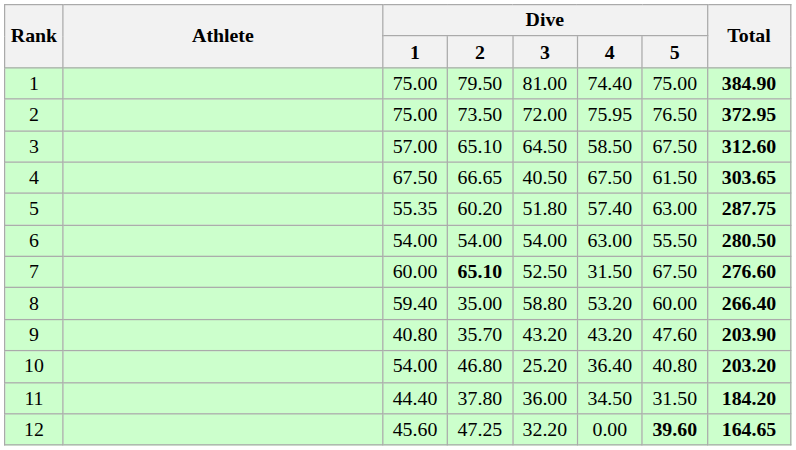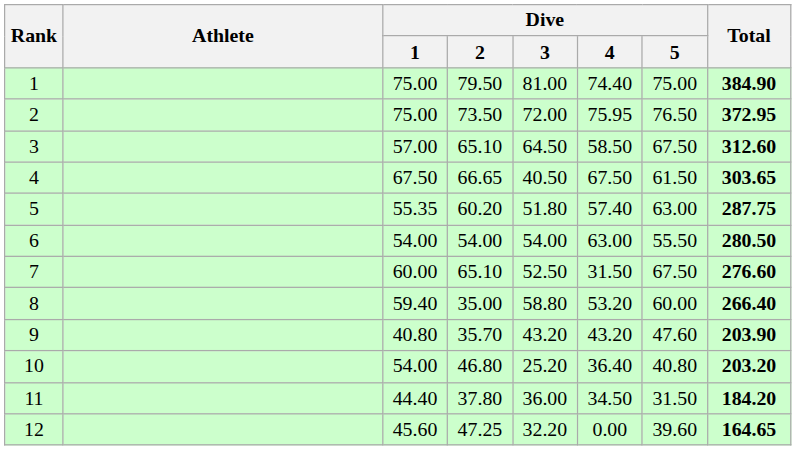 <table class=wikitable style="text-align:center">
 <tr>
 <th rowspan="2" width=40>Rank</th>
 <th rowspan="2" width=250>Athlete</th>
 <th colspan="5">Dive</th>
 <th rowspan="2" width=60>Total</th>
 </tr>
 <tr>
 <th width=45>1</th>
 <th width=45>2</th>
 <th width=45>3</th>
 <th width=45>4</th>
 <th width=45>5</th>
 </tr>
 <tr bgcolor="ccffcc">
 <td>1</td>
 <td align=left></td>
 <td>75.00</td>
 <td>79.50</td>
 <td>81.00</td>
 <td>74.40</td>
 <td>75.00</td>
 <td><strong>384.90</strong></td>
 </tr>
 <tr bgcolor="ccffcc">
 <td>2</td>
 <td align=left></td>
 <td>75.00</td>
 <td>73.50</td>
 <td>72.00</td>
 <td>75.95</td>
 <td>76.50</td>
 <td><strong>372.95</strong></td>
 </tr>
 <tr bgcolor="ccffcc">
 <td>3</td>
 <td align=left></td>
 <td>57.00</td>
 <td>65.10</td>
 <td>64.50</td>
 <td>58.50</td>
 <td>67.50</td>
 <td><strong>312.60</strong></td>
 </tr>
 <tr bgcolor="ccffcc">
 <td>4</td>
 <td align=left></td>
 <td>67.50</td>
 <td>66.65</td>
 <td>40.50</td>
 <td>67.50</td>
 <td>61.50</td>
 <td><strong>303.65</strong></td>
 </tr>
 <tr bgcolor="ccffcc">
 <td>5</td>
 <td align=left></td>
 <td>55.35</td>
 <td>60.20</td>
 <td>51.80</td>
 <td>57.40</td>
 <td>63.00</td>
 <td><strong>287.75</strong></td>
 </tr>
 <tr bgcolor="ccffcc">
 <td>6</td>
 <td align=left></td>
 <td>54.00</td>
 <td>54.00</td>
 <td>54.00</td>
 <td>63.00</td>
 <td>55.50</td>
 <td><strong>280.50</strong></td>
 </tr>
 <tr bgcolor="ccffcc">
 <td>7</td>
 <td align=left></td>
 <td>60.00</td>
-<td><strong>65.10</strong></td>
+<td>65.10</td>
 <td>52.50</td>
 <td>31.50</td>
 <td>67.50</td>
 <td><strong>276.60</strong></td>
 </tr>
 <tr bgcolor="ccffcc">
 <td>8</td>
 <td align=left></td>
 <td>59.40</td>
 <td>35.00</td>
 <td>58.80</td>
 <td>53.20</td>
 <td>60.00</td>
 <td><strong>266.40</strong></td>
 </tr>
 <tr bgcolor="ccffcc">
 <td>9</td>
 <td align=left></td>
 <td>40.80</td>
 <td>35.70</td>
 <td>43.20</td>
 <td>43.20</td>
 <td>47.60</td>
 <td><strong>203.90</strong></td>
 </tr>
 <tr bgcolor="ccffcc">
 <td>10</td>
 <td align=left></td>
 <td>54.00</td>
 <td>46.80</td>
 <td>25.20</td>
 <td>36.40</td>
 <td>40.80</td>
 <td><strong>203.20</strong></td>
 </tr>
 <tr bgcolor="ccffcc">
 <td>11</td>
 <td align=left></td>
 <td>44.40</td>
 <td>37.80</td>
 <td>36.00</td>
 <td>34.50</td>
 <td>31.50</td>
 <td><strong>184.20</strong></td>
 </tr>
 <tr bgcolor="ccffcc">
 <td>12</td>
 <td align=left></td>
 <td>45.60</td>
 <td>47.25</td>
 <td>32.20</td>
 <td>0.00</td>
-<td><strong>39.60</strong></td>
+<td>39.60</td>
 <td><strong>164.65</strong></td>
 </tr>
 </table>
